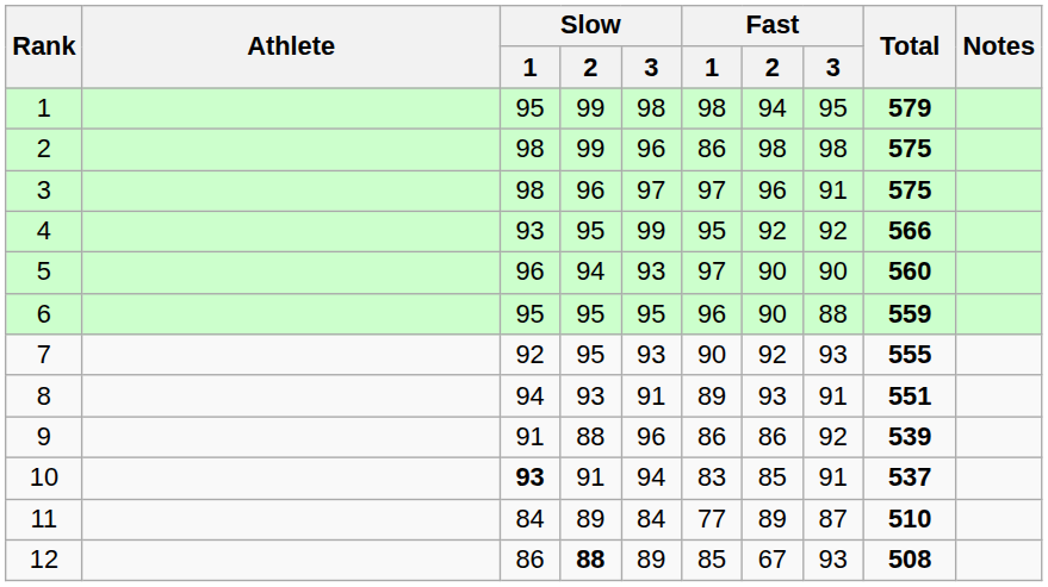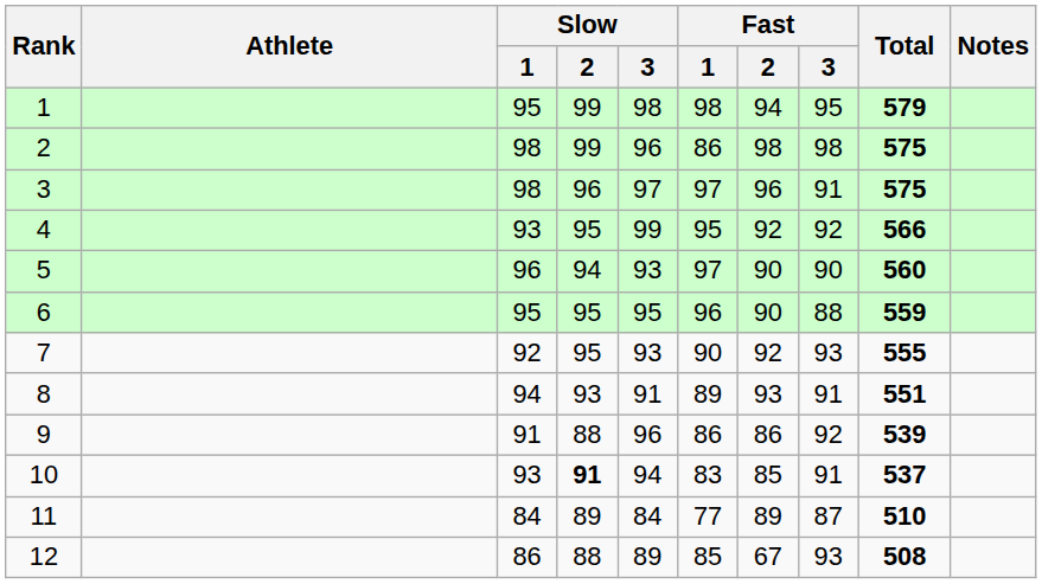 <table class="wikitable" style="text-align:center">
 <tr>
 <th rowspan=2 width=40>Rank</th>
 <th rowspan=2 width=250>Athlete</th>
 <th colspan=3>Slow</th>
 <th colspan=3>Fast</th>
 <th rowspan=2 width=50>Total</th>
 <th rowspan=2 width=45>Notes</th>
 </tr>
 <tr>
 <th width=30>1</th>
 <th width=30>2</th>
 <th width=30>3</th>
 <th width=30>1</th>
 <th width=30>2</th>
 <th width=30>3</th>
 </tr>
 <tr bgcolor=ccffcc>
 <td>1</td>
 <td align=left></td>
 <td>95</td>
 <td>99</td>
 <td>98</td>
 <td>98</td>
 <td>94</td>
 <td>95</td>
 <td><strong>579</strong></td>
 <td></td>
 </tr>
 <tr bgcolor=ccffcc>
 <td>2</td>
 <td align=left></td>
 <td>98</td>
 <td>99</td>
 <td>96</td>
 <td>86</td>
 <td>98</td>
 <td>98</td>
 <td><strong>575</strong></td>
 <td></td>
 </tr>
 <tr bgcolor=ccffcc>
 <td>3</td>
 <td align=left></td>
 <td>98</td>
 <td>96</td>
 <td>97</td>
 <td>97</td>
 <td>96</td>
 <td>91</td>
 <td><strong>575</strong></td>
 <td></td>
 </tr>
 <tr bgcolor=ccffcc>
 <td>4</td>
 <td align=left></td>
 <td>93</td>
 <td>95</td>
 <td>99</td>
 <td>95</td>
 <td>92</td>
 <td>92</td>
 <td><strong>566</strong></td>
 <td></td>
 </tr>
 <tr bgcolor=ccffcc>
 <td>5</td>
 <td align=left></td>
 <td>96</td>
 <td>94</td>
 <td>93</td>
 <td>97</td>
 <td>90</td>
 <td>90</td>
 <td><strong>560</strong></td>
 <td></td>
 </tr>
 <tr bgcolor=ccffcc>
 <td>6</td>
 <td align=left></td>
 <td>95</td>
 <td>95</td>
 <td>95</td>
 <td>96</td>
 <td>90</td>
 <td>88</td>
 <td><strong>559</strong></td>
 <td></td>
 </tr>
 <tr>
 <td>7</td>
 <td align=left></td>
 <td>92</td>
 <td>95</td>
 <td>93</td>
 <td>90</td>
 <td>92</td>
 <td>93</td>
 <td><strong>555</strong></td>
 <td></td>
 </tr>
 <tr>
 <td>8</td>
 <td align=left></td>
 <td>94</td>
 <td>93</td>
 <td>91</td>
 <td>89</td>
 <td>93</td>
 <td>91</td>
 <td><strong>551</strong></td>
 <td></td>
 </tr>
 <tr>
 <td>9</td>
 <td align=left></td>
 <td>91</td>
 <td>88</td>
 <td>96</td>
 <td>86</td>
 <td>86</td>
 <td>92</td>
 <td><strong>539</strong></td>
 <td></td>
 </tr>
 <tr>
 <td>10</td>
 <td align=left></td>
-<td><strong>93</strong></td>
-<td>91</td>
+<td>93</td>
+<td><strong>91</strong></td>
 <td>94</td>
 <td>83</td>
 <td>85</td>
 <td>91</td>
 <td><strong>537</strong></td>
 <td></td>
 </tr>
 <tr>
 <td>11</td>
 <td align=left></td>
 <td>84</td>
 <td>89</td>
 <td>84</td>
 <td>77</td>
 <td>89</td>
 <td>87</td>
 <td><strong>510</strong></td>
 <td></td>
 </tr>
 <tr>
 <td>12</td>
 <td align=left></td>
 <td>86</td>
-<td><strong>88</strong></td>
+<td>88</td>
 <td>89</td>
 <td>85</td>
 <td>67</td>
 <td>93</td>
 <td><strong>508</strong></td>
 <td></td>
 </tr>
 </table>
